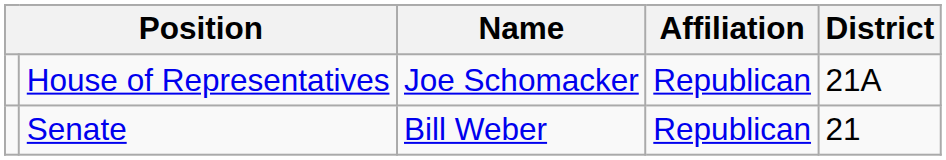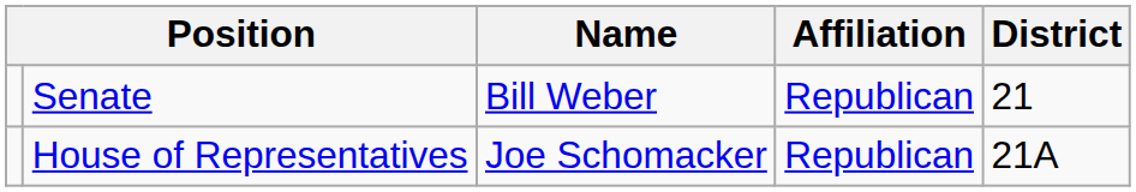 <table class="wikitable">
 <tr>
 <th colspan="2">Position</th>
 <th>Name</th>
 <th>Affiliation</th>
 <th>District</th>
 </tr>
 <tr>
 <td style="background-color:"></td>
+<td><a href='#'>Senate</a></td>
+<td><a href='#'>Bill Weber</a></td>
+<td><a href='#'>Republican</a></td>
+<td>21</td>
+</tr>
+<tr>
+<td style="background-color:"></td>
 <td><a href='#'>House of Representatives</a></td>
 <td><a href='#'>Joe Schomacker</a></td>
 <td><a href='#'>Republican</a></td>
 <td>21A</td>
 </tr>
-<tr>
-<td style="background-color:"></td>
-<td><a href='#'>Senate</a></td>
-<td><a href='#'>Bill Weber</a></td>
-<td><a href='#'>Republican</a></td>
-<td>21</td>
-</tr>
 </table>
